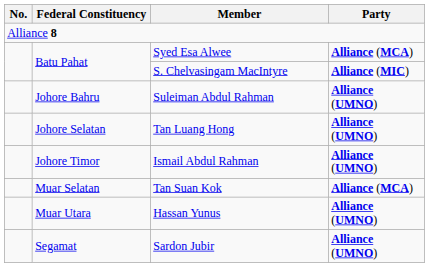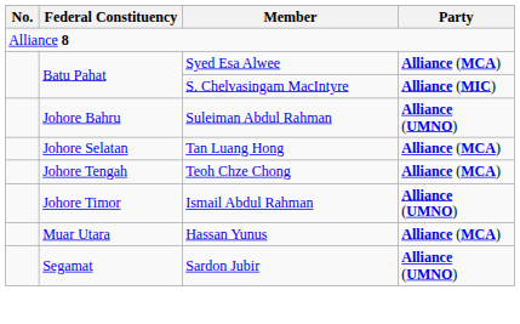 <table class="wikitable sortable">
 <tr>
 <th style="width:30px;">No.</th>
 <th style="width:150px;">Federal Constituency</th>
 <th style="width:230px;">Member</th>
 <th style="width:120px;">Party</th>
 </tr>
 <tr>
 <td colspan="4"><a href='#'>Alliance</a> <strong>8</strong></td>
 </tr>
 <tr>
 <td rowspan=2></td>
 <td rowspan=2><a href='#'>Batu Pahat</a></td>
 <td><a href='#'>Syed Esa Alwee</a> </td>
 <td><strong><a href='#'>Alliance</a></strong> (<strong><a href='#'>MCA</a></strong>)</td>
 </tr>
 <tr>
 <td><a href='#'>S. Chelvasingam MacIntyre</a> </td>
 <td><strong><a href='#'>Alliance</a></strong> (<strong><a href='#'>MIC</a></strong>)</td>
 </tr>
 <tr>
 <td></td>
 <td><a href='#'>Johore Bahru</a></td>
 <td><a href='#'>Suleiman Abdul Rahman</a></td>
 <td><strong><a href='#'>Alliance</a></strong> (<strong><a href='#'>UMNO</a></strong>)</td>
 </tr>
 <tr>
 <td></td>
 <td><a href='#'>Johore Selatan</a></td>
 <td><a href='#'>Tan Luang Hong</a></td>
-<td><strong><a href='#'>Alliance</a></strong> (<strong><a href='#'>UMNO</a></strong>)</td>
+<td><strong><a href='#'>Alliance</a></strong> (<strong><a href='#'>MCA</a></strong>)</td>
+</tr>
+<tr>
+<td></td>
+<td><a href='#'>Johore Tengah</a></td>
+<td><a href='#'>Teoh Chze Chong</a></td>
+<td><strong><a href='#'>Alliance</a></strong> (<strong><a href='#'>MCA</a></strong>)</td>
 </tr>
 <tr>
 <td></td>
 <td><a href='#'>Johore Timor</a></td>
 <td><a href='#'>Ismail Abdul Rahman</a></td>
 <td><strong><a href='#'>Alliance</a></strong> (<strong><a href='#'>UMNO</a></strong>)</td>
 </tr>
 <tr>
 <td></td>
-<td><a href='#'>Muar Selatan</a></td>
-<td><a href='#'>Tan Suan Kok</a></td>
-<td><strong><a href='#'>Alliance</a></strong> (<strong><a href='#'>MCA</a></strong>)</td>
-</tr>
-<tr>
-<td></td>
 <td><a href='#'>Muar Utara</a></td>
 <td><a href='#'>Hassan Yunus</a></td>
-<td><strong><a href='#'>Alliance</a></strong> (<strong><a href='#'>UMNO</a></strong>)</td>
+<td><strong><a href='#'>Alliance</a></strong> (<strong><a href='#'>MCA</a></strong>)</td>
 </tr>
 <tr>
 <td></td>
 <td><a href='#'>Segamat</a></td>
 <td><a href='#'>Sardon Jubir</a></td>
 <td><strong><a href='#'>Alliance</a></strong> (<strong><a href='#'>UMNO</a></strong>)</td>
 </tr>
 </table>
